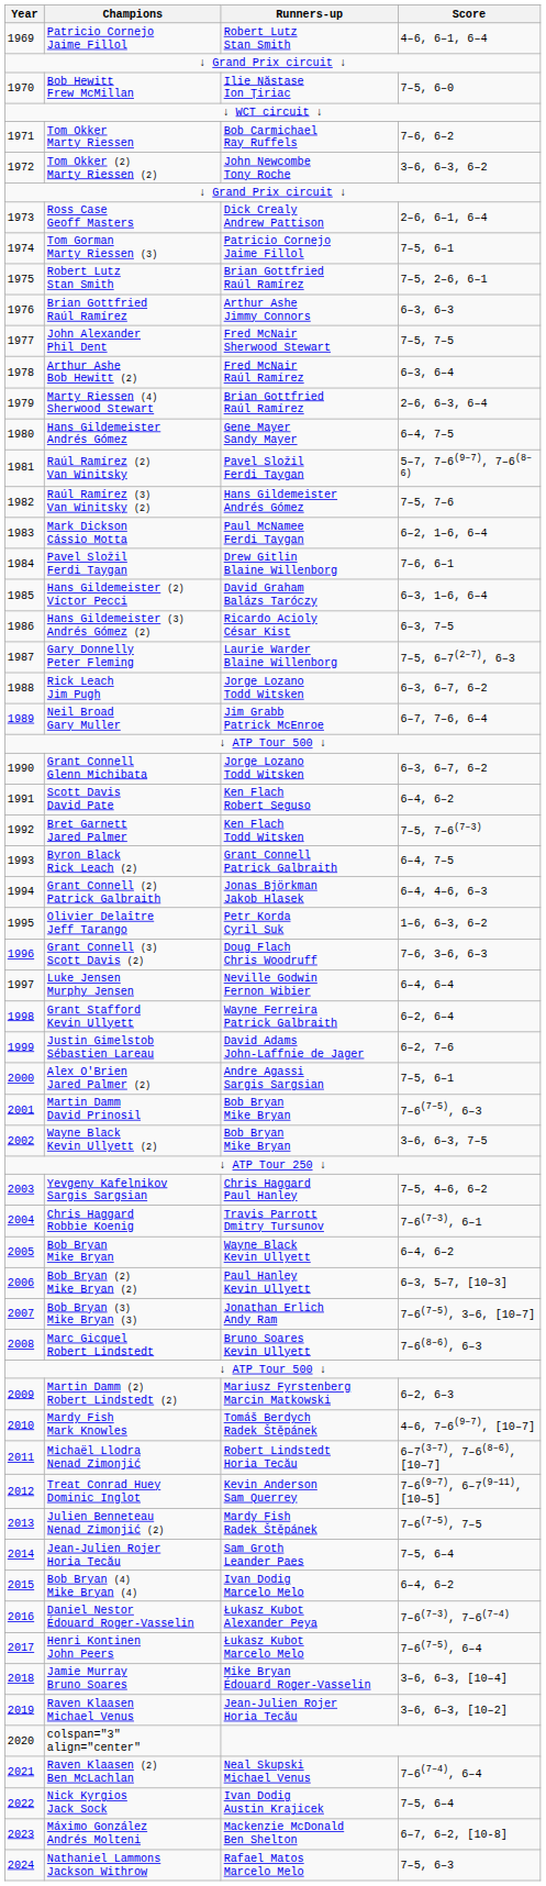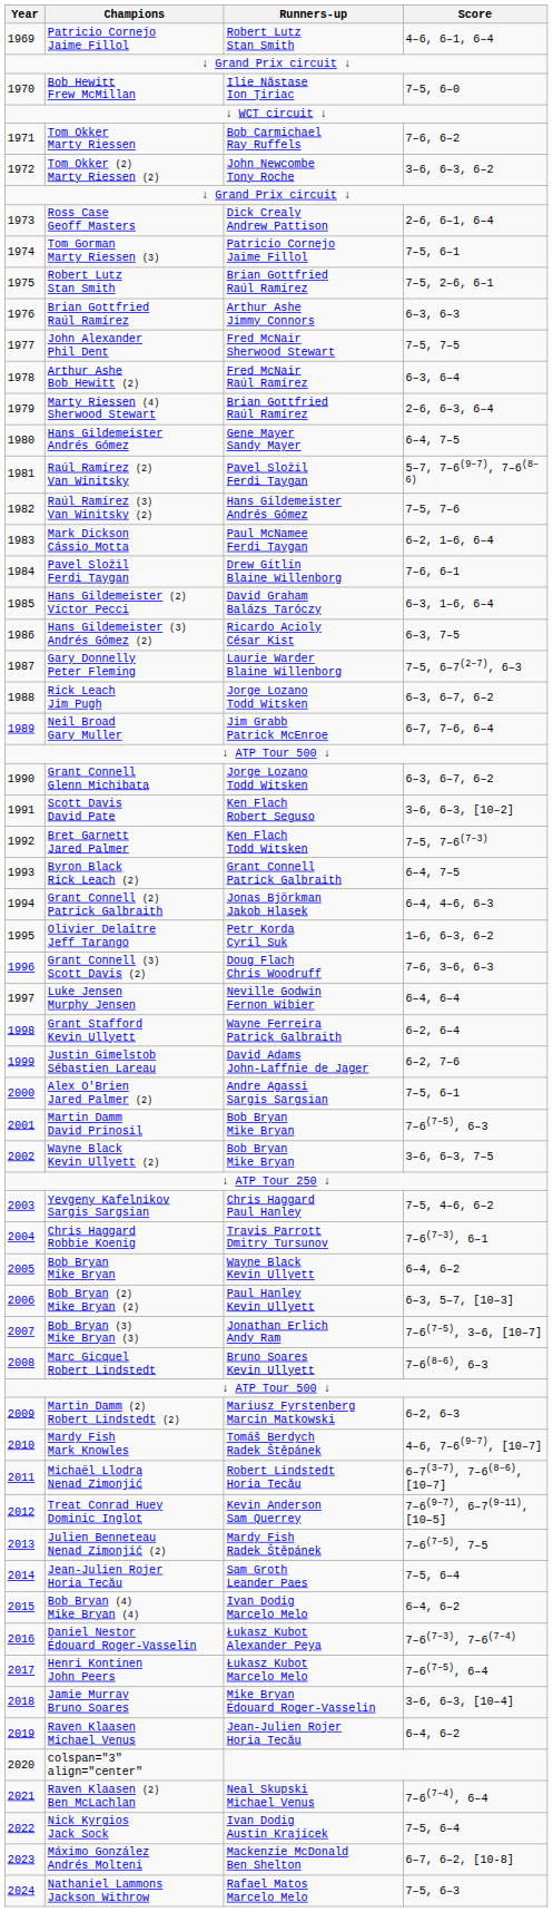 <table class=wikitable>
 <tr>
 <th style="width:40px;">Year</th>
 <th style="width:200px;">Champions</th>
 <th style="width:200px;">Runners-up</th>
 <th style="width:160px;">Score</th>
 </tr>
 <tr>
 <td>1969</td>
 <td> <a href='#'>Patricio Cornejo</a><br> <a href='#'>Jaime Fillol</a></td>
 <td> <a href='#'>Robert Lutz</a><br> <a href='#'>Stan Smith</a></td>
 <td>4–6, 6–1, 6–4</td>
 </tr>
 <tr>
 <td colspan=5 align=center>↓ <a href='#'>Grand Prix circuit</a> ↓</td>
 </tr>
 <tr>
 <td>1970</td>
 <td> <a href='#'>Bob Hewitt</a><br> <a href='#'>Frew McMillan</a></td>
 <td> <a href='#'>Ilie Năstase</a><br> <a href='#'>Ion Țiriac</a></td>
 <td>7–5, 6–0</td>
 </tr>
 <tr>
 <td colspan=5 align=center>↓ <a href='#'>WCT circuit</a> ↓</td>
 </tr>
 <tr>
 <td>1971</td>
 <td> <a href='#'>Tom Okker</a><br> <a href='#'>Marty Riessen</a></td>
 <td> <a href='#'>Bob Carmichael</a><br> <a href='#'>Ray Ruffels</a></td>
 <td>7–6, 6–2</td>
 </tr>
 <tr>
 <td>1972</td>
 <td> <a href='#'>Tom Okker</a> <small>(2)</small><br> <a href='#'>Marty Riessen</a> <small>(2)</small></td>
 <td> <a href='#'>John Newcombe</a><br> <a href='#'>Tony Roche</a></td>
 <td>3–6, 6–3, 6–2</td>
 </tr>
 <tr>
 <td colspan=5 align=center>↓ <a href='#'>Grand Prix circuit</a> ↓</td>
 </tr>
 <tr>
 <td>1973</td>
 <td> <a href='#'>Ross Case</a><br> <a href='#'>Geoff Masters</a></td>
 <td> <a href='#'>Dick Crealy</a><br> <a href='#'>Andrew Pattison</a></td>
 <td>2–6, 6–1, 6–4</td>
 </tr>
 <tr>
 <td>1974</td>
 <td> <a href='#'>Tom Gorman</a><br> <a href='#'>Marty Riessen</a> <small>(3)</small></td>
 <td> <a href='#'>Patricio Cornejo</a><br> <a href='#'>Jaime Fillol</a></td>
 <td>7–5, 6–1</td>
 </tr>
 <tr>
 <td>1975</td>
 <td> <a href='#'>Robert Lutz</a><br> <a href='#'>Stan Smith</a></td>
 <td> <a href='#'>Brian Gottfried</a><br> <a href='#'>Raúl Ramírez</a></td>
 <td>7–5, 2–6, 6–1</td>
 </tr>
 <tr>
 <td>1976</td>
 <td> <a href='#'>Brian Gottfried</a><br> <a href='#'>Raúl Ramírez</a></td>
 <td> <a href='#'>Arthur Ashe</a><br> <a href='#'>Jimmy Connors</a></td>
 <td>6–3, 6–3</td>
 </tr>
 <tr>
 <td>1977</td>
 <td> <a href='#'>John Alexander</a><br> <a href='#'>Phil Dent</a></td>
 <td> <a href='#'>Fred McNair</a><br> <a href='#'>Sherwood Stewart</a></td>
 <td>7–5, 7–5</td>
 </tr>
 <tr>
 <td>1978</td>
 <td> <a href='#'>Arthur Ashe</a><br> <a href='#'>Bob Hewitt</a> <small>(2)</small></td>
 <td> <a href='#'>Fred McNair</a><br> <a href='#'>Raúl Ramírez</a></td>
 <td>6–3, 6–4</td>
 </tr>
 <tr>
 <td>1979</td>
 <td> <a href='#'>Marty Riessen</a> <small>(4)</small><br> <a href='#'>Sherwood Stewart</a></td>
 <td> <a href='#'>Brian Gottfried</a><br> <a href='#'>Raúl Ramírez</a></td>
 <td>2–6, 6–3, 6–4</td>
 </tr>
 <tr>
 <td>1980</td>
 <td> <a href='#'>Hans Gildemeister</a><br> <a href='#'>Andrés Gómez</a></td>
 <td> <a href='#'>Gene Mayer</a><br> <a href='#'>Sandy Mayer</a></td>
 <td>6–4, 7–5</td>
 </tr>
 <tr>
 <td>1981</td>
 <td> <a href='#'>Raúl Ramírez</a> <small>(2)</small><br> <a href='#'>Van Winitsky</a></td>
 <td> <a href='#'>Pavel Složil</a><br> <a href='#'>Ferdi Taygan</a></td>
 <td>5–7, 7–6<sup>(9–7)</sup>, 7–6<sup>(8–6)</sup></td>
 </tr>
 <tr>
 <td>1982</td>
 <td> <a href='#'>Raúl Ramírez</a> <small>(3)</small><br> <a href='#'>Van Winitsky</a> <small>(2)</small></td>
 <td> <a href='#'>Hans Gildemeister</a><br> <a href='#'>Andrés Gómez</a></td>
 <td>7–5, 7–6</td>
 </tr>
 <tr>
 <td>1983</td>
 <td> <a href='#'>Mark Dickson</a><br> <a href='#'>Cássio Motta</a></td>
 <td> <a href='#'>Paul McNamee</a><br> <a href='#'>Ferdi Taygan</a></td>
 <td>6–2, 1–6, 6–4</td>
 </tr>
 <tr>
 <td>1984</td>
 <td> <a href='#'>Pavel Složil</a><br> <a href='#'>Ferdi Taygan</a></td>
 <td> <a href='#'>Drew Gitlin</a><br>  <a href='#'>Blaine Willenborg</a></td>
 <td>7–6, 6–1</td>
 </tr>
 <tr>
 <td>1985</td>
 <td> <a href='#'>Hans Gildemeister</a> <small>(2)</small><br> <a href='#'>Víctor Pecci</a></td>
 <td> <a href='#'>David Graham</a><br> <a href='#'>Balázs Taróczy</a></td>
 <td>6–3, 1–6, 6–4</td>
 </tr>
 <tr>
 <td>1986</td>
 <td> <a href='#'>Hans Gildemeister</a> <small>(3)</small><br> <a href='#'>Andrés Gómez</a> <small>(2)</small></td>
 <td> <a href='#'>Ricardo Acioly</a><br> <a href='#'>César Kist</a></td>
 <td>6–3, 7–5</td>
 </tr>
 <tr>
 <td>1987</td>
 <td> <a href='#'>Gary Donnelly</a><br> <a href='#'>Peter Fleming</a></td>
 <td> <a href='#'>Laurie Warder</a><br> <a href='#'>Blaine Willenborg</a></td>
 <td>7–5, 6–7<sup>(2–7)</sup>, 6–3</td>
 </tr>
 <tr>
 <td>1988</td>
 <td> <a href='#'>Rick Leach</a><br> <a href='#'>Jim Pugh</a></td>
 <td> <a href='#'>Jorge Lozano</a><br> <a href='#'>Todd Witsken</a></td>
 <td>6–3, 6–7, 6–2</td>
 </tr>
 <tr>
 <td><a href='#'>1989</a></td>
 <td> <a href='#'>Neil Broad</a><br> <a href='#'>Gary Muller</a></td>
 <td> <a href='#'>Jim Grabb</a><br> <a href='#'>Patrick McEnroe</a></td>
 <td>6–7, 7–6, 6–4</td>
 </tr>
 <tr>
 <td colspan=5 align=center>↓ <a href='#'>ATP Tour 500</a> ↓</td>
 </tr>
 <tr>
 <td>1990</td>
 <td> <a href='#'>Grant Connell</a><br> <a href='#'>Glenn Michibata</a></td>
 <td> <a href='#'>Jorge Lozano</a><br> <a href='#'>Todd Witsken</a></td>
 <td>6–3, 6–7, 6–2</td>
 </tr>
 <tr>
 <td>1991</td>
 <td> <a href='#'>Scott Davis</a><br> <a href='#'>David Pate</a></td>
 <td> <a href='#'>Ken Flach</a><br> <a href='#'>Robert Seguso</a></td>
-<td>6–4, 6–2</td>
+<td>3–6, 6–3, [10–2]</td>
 </tr>
 <tr>
 <td>1992</td>
 <td> <a href='#'>Bret Garnett</a><br> <a href='#'>Jared Palmer</a></td>
 <td> <a href='#'>Ken Flach</a><br> <a href='#'>Todd Witsken</a></td>
 <td>7–5, 7–6<sup>(7–3)</sup></td>
 </tr>
 <tr>
 <td>1993</td>
 <td> <a href='#'>Byron Black</a><br> <a href='#'>Rick Leach</a> <small>(2)</small></td>
 <td> <a href='#'>Grant Connell</a><br> <a href='#'>Patrick Galbraith</a></td>
 <td>6–4, 7–5</td>
 </tr>
 <tr>
 <td>1994</td>
 <td> <a href='#'>Grant Connell</a> <small>(2)</small><br> <a href='#'>Patrick Galbraith</a></td>
 <td> <a href='#'>Jonas Björkman</a><br> <a href='#'>Jakob Hlasek</a></td>
 <td>6–4, 4–6, 6–3</td>
 </tr>
 <tr>
 <td>1995</td>
 <td> <a href='#'>Olivier Delaître</a><br> <a href='#'>Jeff Tarango</a></td>
 <td> <a href='#'>Petr Korda</a><br> <a href='#'>Cyril Suk</a></td>
 <td>1–6, 6–3, 6–2</td>
 </tr>
 <tr>
 <td><a href='#'>1996</a></td>
 <td> <a href='#'>Grant Connell</a> <small>(3)</small><br> <a href='#'>Scott Davis</a> <small>(2)</small></td>
 <td> <a href='#'>Doug Flach</a><br> <a href='#'>Chris Woodruff</a></td>
 <td>7–6, 3–6, 6–3</td>
 </tr>
 <tr>
 <td>1997</td>
 <td> <a href='#'>Luke Jensen</a><br> <a href='#'>Murphy Jensen</a></td>
 <td> <a href='#'>Neville Godwin</a><br> <a href='#'>Fernon Wibier</a></td>
 <td>6–4, 6–4</td>
 </tr>
 <tr>
 <td><a href='#'>1998</a></td>
 <td> <a href='#'>Grant Stafford</a><br> <a href='#'>Kevin Ullyett</a></td>
 <td> <a href='#'>Wayne Ferreira</a><br> <a href='#'>Patrick Galbraith</a></td>
 <td>6–2, 6–4</td>
 </tr>
 <tr>
 <td><a href='#'>1999</a></td>
 <td> <a href='#'>Justin Gimelstob</a><br> <a href='#'>Sébastien Lareau</a></td>
 <td> <a href='#'>David Adams</a><br> <a href='#'>John-Laffnie de Jager</a></td>
 <td>6–2, 7–6</td>
 </tr>
 <tr>
 <td><a href='#'>2000</a></td>
 <td> <a href='#'>Alex O'Brien</a><br> <a href='#'>Jared Palmer</a> <small>(2)</small></td>
 <td> <a href='#'>Andre Agassi</a><br> <a href='#'>Sargis Sargsian</a></td>
 <td>7–5, 6–1</td>
 </tr>
 <tr>
 <td><a href='#'>2001</a></td>
 <td> <a href='#'>Martin Damm</a><br> <a href='#'>David Prinosil</a></td>
 <td> <a href='#'>Bob Bryan</a><br> <a href='#'>Mike Bryan</a></td>
 <td>7–6<sup>(7–5)</sup>, 6–3</td>
 </tr>
 <tr>
 <td><a href='#'>2002</a></td>
 <td> <a href='#'>Wayne Black</a><br> <a href='#'>Kevin Ullyett</a> <small>(2)</small></td>
 <td> <a href='#'>Bob Bryan</a><br> <a href='#'>Mike Bryan</a></td>
 <td>3–6, 6–3, 7–5</td>
 </tr>
 <tr>
 <td colspan=5 align=center>↓ <a href='#'>ATP Tour 250</a> ↓</td>
 </tr>
 <tr>
 <td><a href='#'>2003</a></td>
 <td> <a href='#'>Yevgeny Kafelnikov</a><br> <a href='#'>Sargis Sargsian</a></td>
 <td> <a href='#'>Chris Haggard</a><br> <a href='#'>Paul Hanley</a></td>
 <td>7–5, 4–6, 6–2</td>
 </tr>
 <tr>
 <td><a href='#'>2004</a></td>
 <td> <a href='#'>Chris Haggard</a><br> <a href='#'>Robbie Koenig</a></td>
 <td> <a href='#'>Travis Parrott</a><br> <a href='#'>Dmitry Tursunov</a></td>
 <td>7–6<sup>(7–3)</sup>, 6–1</td>
 </tr>
 <tr>
 <td><a href='#'>2005</a></td>
 <td> <a href='#'>Bob Bryan</a><br> <a href='#'>Mike Bryan</a></td>
 <td> <a href='#'>Wayne Black</a><br> <a href='#'>Kevin Ullyett</a></td>
 <td>6–4, 6–2</td>
 </tr>
 <tr>
 <td><a href='#'>2006</a></td>
 <td> <a href='#'>Bob Bryan</a> <small>(2)</small><br> <a href='#'>Mike Bryan</a> <small>(2)</small></td>
 <td> <a href='#'>Paul Hanley</a><br> <a href='#'>Kevin Ullyett</a></td>
 <td>6–3, 5–7, [10–3]</td>
 </tr>
 <tr>
 <td><a href='#'>2007</a></td>
 <td> <a href='#'>Bob Bryan</a> <small>(3)</small><br> <a href='#'>Mike Bryan</a> <small>(3)</small></td>
 <td> <a href='#'>Jonathan Erlich</a><br> <a href='#'>Andy Ram</a></td>
 <td>7–6<sup>(7–5)</sup>, 3–6, [10–7]</td>
 </tr>
 <tr>
 <td><a href='#'>2008</a></td>
 <td> <a href='#'>Marc Gicquel</a> <br> <a href='#'>Robert Lindstedt</a></td>
 <td> <a href='#'>Bruno Soares</a><br> <a href='#'>Kevin Ullyett</a></td>
 <td>7–6<sup>(8–6)</sup>, 6–3</td>
 </tr>
 <tr>
 <td colspan=5 align=center>↓ <a href='#'>ATP Tour 500</a> ↓</td>
 </tr>
 <tr>
 <td><a href='#'>2009</a></td>
 <td> <a href='#'>Martin Damm</a> <small>(2)</small><br> <a href='#'>Robert Lindstedt</a> <small>(2)</small></td>
 <td> <a href='#'>Mariusz Fyrstenberg</a> <br>  <a href='#'>Marcin Matkowski</a></td>
 <td>6–2, 6–3</td>
 </tr>
 <tr>
 <td><a href='#'>2010</a></td>
 <td> <a href='#'>Mardy Fish</a><br> <a href='#'>Mark Knowles</a></td>
 <td> <a href='#'>Tomáš Berdych</a><br> <a href='#'>Radek Štěpánek</a></td>
 <td>4–6, 7–6<sup>(9–7)</sup>, [10–7]</td>
 </tr>
 <tr>
 <td><a href='#'>2011</a></td>
 <td> <a href='#'>Michaël Llodra</a><br> <a href='#'>Nenad Zimonjić</a></td>
 <td> <a href='#'>Robert Lindstedt</a> <br> <a href='#'>Horia Tecău</a></td>
 <td>6–7<sup>(3–7)</sup>, 7–6<sup>(8–6)</sup>, [10–7]</td>
 </tr>
 <tr>
 <td><a href='#'>2012</a></td>
 <td> <a href='#'>Treat Conrad Huey</a><br> <a href='#'>Dominic Inglot</a></td>
 <td> <a href='#'>Kevin Anderson</a> <br>  <a href='#'>Sam Querrey</a></td>
 <td>7–6<sup>(9–7)</sup>, 6–7<sup>(9–11)</sup>, [10–5]</td>
 </tr>
 <tr>
 <td><a href='#'>2013</a></td>
 <td> <a href='#'>Julien Benneteau</a><br> <a href='#'>Nenad Zimonjić</a> <small>(2)</small></td>
 <td> <a href='#'>Mardy Fish</a> <br> <a href='#'>Radek Štěpánek</a></td>
 <td>7–6<sup>(7–5)</sup>, 7–5</td>
 </tr>
 <tr>
 <td><a href='#'>2014</a></td>
 <td> <a href='#'>Jean-Julien Rojer</a><br> <a href='#'>Horia Tecău</a></td>
 <td> <a href='#'>Sam Groth</a> <br>  <a href='#'>Leander Paes</a></td>
 <td>7–5, 6–4</td>
 </tr>
 <tr>
 <td><a href='#'>2015</a></td>
 <td> <a href='#'>Bob Bryan</a> <small>(4)</small><br> <a href='#'>Mike Bryan</a> <small>(4)</small></td>
 <td> <a href='#'>Ivan Dodig</a> <br>  <a href='#'>Marcelo Melo</a></td>
 <td>6–4, 6–2</td>
 </tr>
 <tr>
 <td><a href='#'>2016</a></td>
 <td> <a href='#'>Daniel Nestor</a><br> <a href='#'>Édouard Roger-Vasselin</a></td>
 <td> <a href='#'>Łukasz Kubot</a> <br> <a href='#'>Alexander Peya</a></td>
 <td>7–6<sup>(7–3)</sup>, 7–6<sup>(7–4)</sup></td>
 </tr>
 <tr>
 <td><a href='#'>2017</a></td>
 <td> <a href='#'>Henri Kontinen</a><br> <a href='#'>John Peers</a></td>
 <td> <a href='#'>Łukasz Kubot</a><br> <a href='#'>Marcelo Melo</a></td>
 <td>7–6<sup>(7–5)</sup>, 6–4</td>
 </tr>
 <tr>
 <td><a href='#'>2018</a></td>
 <td> <a href='#'>Jamie Murray</a><br> <a href='#'>Bruno Soares</a></td>
 <td> <a href='#'>Mike Bryan</a><br> <a href='#'>Édouard Roger-Vasselin</a></td>
 <td>3–6, 6–3, [10–4]</td>
 </tr>
 <tr>
 <td><a href='#'>2019</a></td>
 <td> <a href='#'>Raven Klaasen</a><br> <a href='#'>Michael Venus</a></td>
 <td> <a href='#'>Jean-Julien Rojer</a><br> <a href='#'>Horia Tecău</a></td>
-<td>3–6, 6–3, [10–2]</td>
+<td>6–4, 6–2</td>
 </tr>
 <tr>
 <td>2020</td>
 <td>colspan="3" align="center" </td>
 </tr>
 <tr>
 <td><a href='#'>2021</a></td>
 <td> <a href='#'>Raven Klaasen</a> <small>(2)</small><br> <a href='#'>Ben McLachlan</a></td>
 <td> <a href='#'>Neal Skupski</a><br> <a href='#'>Michael Venus</a></td>
 <td>7–6<sup>(7–4)</sup>, 6–4</td>
 </tr>
 <tr>
 <td><a href='#'>2022</a></td>
 <td> <a href='#'>Nick Kyrgios</a><br> <a href='#'>Jack Sock</a></td>
 <td> <a href='#'>Ivan Dodig</a><br> <a href='#'>Austin Krajicek</a></td>
 <td>7–5, 6–4</td>
 </tr>
 <tr>
 <td><a href='#'>2023</a></td>
 <td> <a href='#'>Máximo González</a><br> <a href='#'>Andrés Molteni</a></td>
 <td> <a href='#'>Mackenzie McDonald</a><br> <a href='#'>Ben Shelton</a></td>
 <td>6–7, 6–2, [10-8]</td>
 </tr>
 <tr>
 <td><a href='#'>2024</a></td>
 <td> <a href='#'>Nathaniel Lammons</a><br> <a href='#'>Jackson Withrow</a></td>
 <td> <a href='#'>Rafael Matos</a><br> <a href='#'>Marcelo Melo</a></td>
 <td>7–5, 6–3</td>
 </tr>
 </table>
